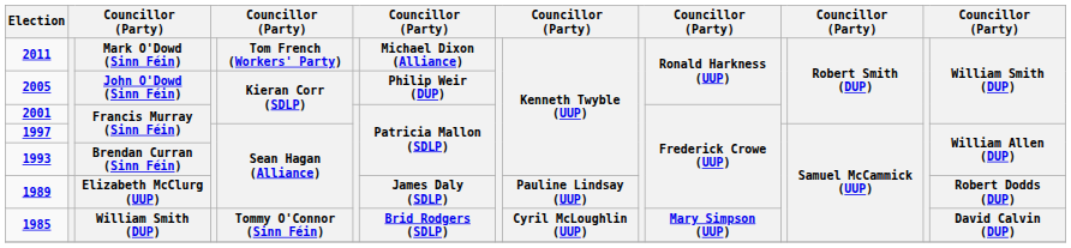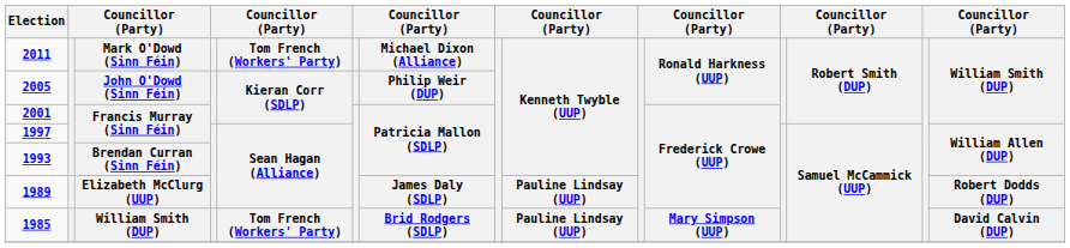 <table class="wikitable" style="text-align:center">
 <tr>
 <th scope="col" width="50">Election</th>
 <th scope="col" width="150" colspan = "2">Councillor<br> (Party)</th>
 <th scope="col" width="150" colspan = "2">Councillor<br> (Party)</th>
 <th scope="col" width="150" colspan = "2">Councillor<br> (Party)</th>
 <th scope="col" width="150" colspan = "2">Councillor<br> (Party)</th>
 <th scope="col" width="150" colspan = "2">Councillor<br> (Party)</th>
 <th scope="col" width="150" colspan = "2">Councillor<br> (Party)</th>
 <th scope="col" width="150" colspan = "2">Councillor<br> (Party)</th>
 </tr>
 <tr>
 <td><strong><a href='#'>2011</a></strong></td>
 <th rowspan="5" width="1" style="background-color: "></th>
 <th rowspan = "1">Mark O'Dowd <br> (<a href='#'>Sinn Féin</a>)</th>
 <th rowspan="1" width="1" style="background-color: "></th>
 <th rowspan = "1">Tom French <br> (<a href='#'>Workers' Party</a>)</th>
 <th rowspan="1" width="1" style="background-color: "></th>
 <th rowspan = "1">Michael Dixon <br> (<a href='#'>Alliance</a>)</th>
 <th rowspan="7" width="1" style="background-color: "></th>
 <th rowspan = "5">Kenneth Twyble <br> (<a href='#'>UUP</a>)</th>
 <th rowspan="7" width="1" style="background-color: "></th>
 <th rowspan = "2">Ronald Harkness <br> (<a href='#'>UUP</a>)</th>
 <th rowspan="3" width="1" style="background-color: "></th>
 <th rowspan = "3">Robert Smith <br> (<a href='#'>DUP</a>)</th>
 <th rowspan="7" width="1" style="background-color: "></th>
 <th rowspan = "3">William Smith <br> (<a href='#'>DUP</a>)</th>
 </tr>
 <tr>
 <td><strong><a href='#'>2005</a></strong></td>
 <th rowspan = "1"><a href='#'>John O'Dowd</a> <br> (<a href='#'>Sinn Féin</a>)</th>
 <th rowspan="2" width="1" style="background-color: "></th>
 <th rowspan = "2">Kieran Corr <br> (<a href='#'>SDLP</a>)</th>
 <th rowspan="1" width="1" style="background-color: "></th>
 <th rowspan = "1">Philip Weir <br> (<a href='#'>DUP</a>)</th>
 </tr>
 <tr>
 <td><strong><a href='#'>2001</a></strong></td>
 <th rowspan = "2">Francis Murray <br> (<a href='#'>Sinn Féin</a>)</th>
 <th rowspan="5" width="1" style="background-color: "></th>
 <th rowspan = "3">Patricia Mallon <br> (<a href='#'>SDLP</a>)</th>
 <th rowspan = "4">Frederick Crowe <br> (<a href='#'>UUP</a>)</th>
 </tr>
 <tr>
 <td><strong><a href='#'>1997</a></strong></td>
 <th rowspan="3" width="1" style="background-color: "></th>
 <th rowspan = "3">Sean Hagan <br> (<a href='#'>Alliance</a>)</th>
 <th rowspan="4" width="1" style="background-color: "></th>
 <th rowspan = "4">Samuel McCammick <br> (<a href='#'>UUP</a>)</th>
 <th rowspan = "2">William Allen <br> (<a href='#'>DUP</a>)</th>
 </tr>
 <tr>
 <td><strong><a href='#'>1993</a></strong></td>
 <th rowspan = "1">Brendan Curran <br> (<a href='#'>Sinn Féin</a>)</th>
 </tr>
 <tr>
 <td><strong><a href='#'>1989</a></strong></td>
 <th rowspan="1" width="1" style="background-color: "></th>
 <th rowspan = "1">Elizabeth McClurg <br> (<a href='#'>UUP</a>)</th>
 <th rowspan = "1">James Daly <br> (<a href='#'>SDLP</a>)</th>
 <th rowspan = "1">Pauline Lindsay <br> (<a href='#'>UUP</a>)</th>
 <th rowspan = "1">Robert Dodds <br> (<a href='#'>DUP</a>)</th>
 </tr>
 <tr>
 <td><strong><a href='#'>1985</a></strong></td>
 <th rowspan="1" width="1" style="background-color: "></th>
 <th rowspan = "1">William Smith <br> (<a href='#'>DUP</a>)</th>
 <th rowspan="1" width="1" style="background-color: "></th>
-<th rowspan = "1">Tommy O'Connor <br> (<a href='#'>Sinn Féin</a>)</th>
+<th rowspan = "1">Tom French <br> (<a href='#'>Workers' Party</a>)</th>
 <th rowspan = "1"><a href='#'>Brid Rodgers</a> <br> (<a href='#'>SDLP</a>)</th>
-<th rowspan = "1">Cyril McLoughlin <br> (<a href='#'>UUP</a>)</th>
+<th rowspan = "1">Pauline Lindsay <br> (<a href='#'>UUP</a>)</th>
 <th rowspan = "1"><a href='#'>Mary Simpson</a> <br> (<a href='#'>UUP</a>)</th>
 <th rowspan = "1">David Calvin <br> (<a href='#'>DUP</a>)</th>
 </tr>
 <tr>
 </tr>
 </table>
